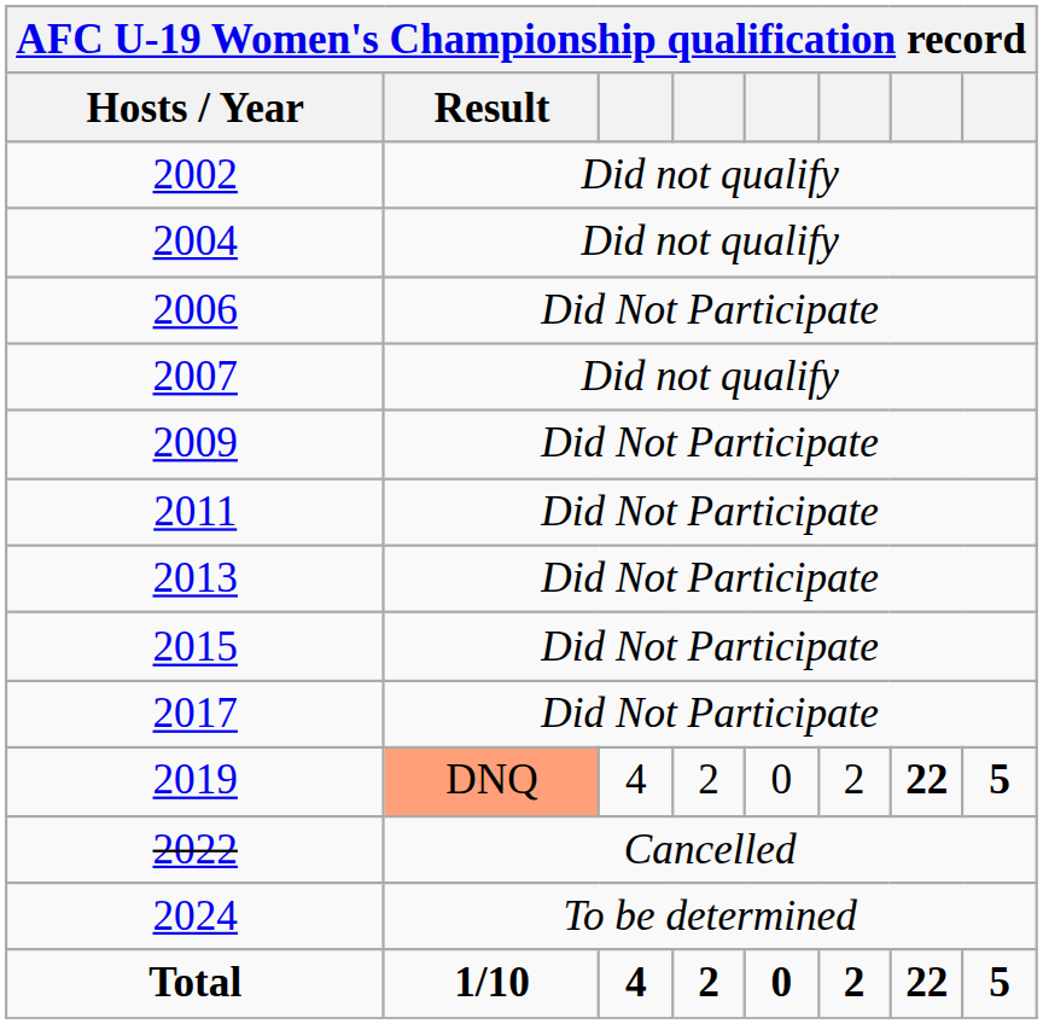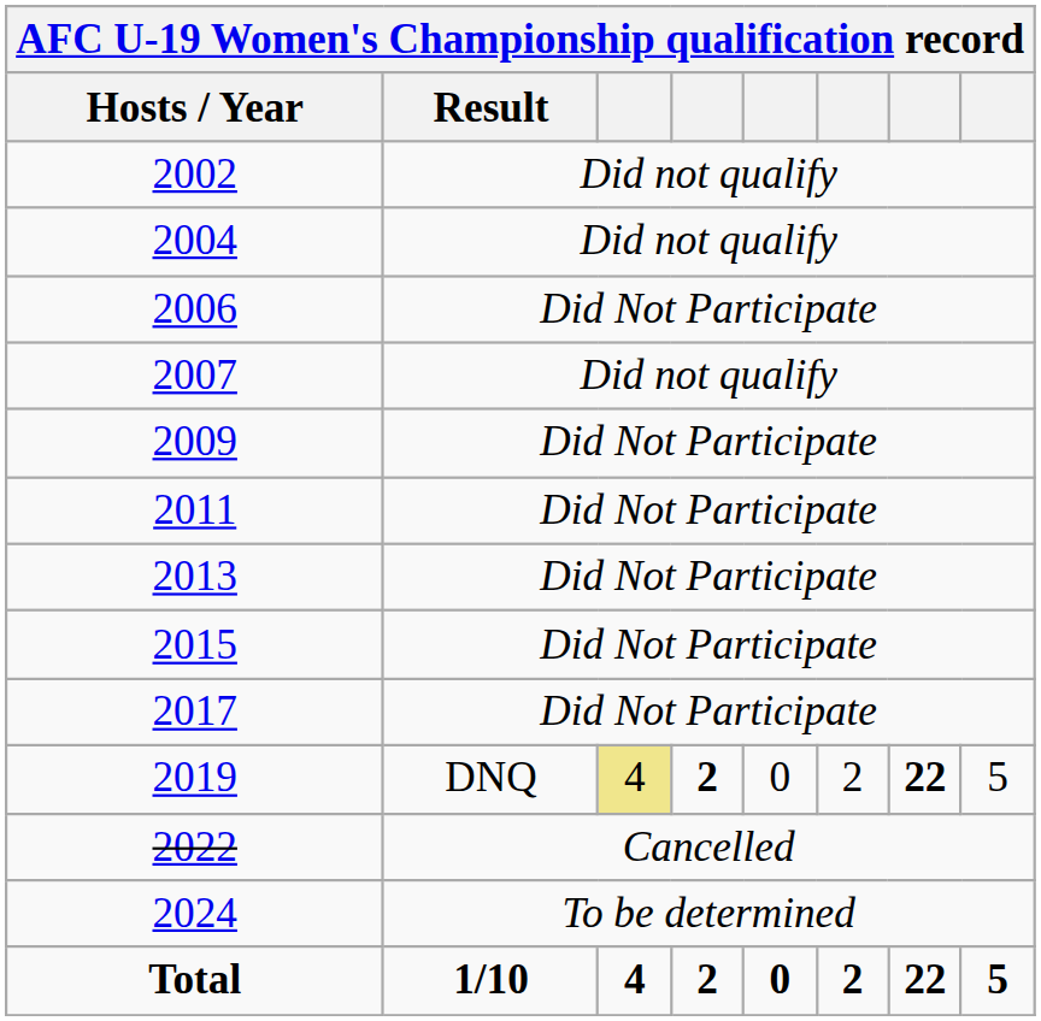 <table class="wikitable" style="text-align: center;">
 <tr>
 <th colspan=9><a href='#'>AFC U-19 Women's Championship qualification</a> record</th>
 </tr>
 <tr>
 <th>Hosts / Year</th>
 <th>Result</th>
 <th width=20></th>
 <th width=20></th>
 <th width=20></th>
 <th width=20></th>
 <th width=20></th>
 <th width=20></th>
 </tr>
 <tr>
 <td> <a href='#'>2002</a></td>
 <td colspan=10><em>Did not qualify </em></td>
 </tr>
 <tr>
 <td> <a href='#'>2004</a></td>
 <td colspan=10><em>Did not qualify</em></td>
 </tr>
 <tr>
 <td> <a href='#'>2006</a></td>
 <td colspan=10><em>Did Not Participate</em></td>
 </tr>
 <tr>
 <td> <a href='#'>2007</a></td>
 <td colspan=10><em>Did not qualify</em></td>
 </tr>
 <tr>
 <td> <a href='#'>2009</a></td>
 <td colspan=10><em>Did Not Participate</em></td>
 </tr>
 <tr>
 <td> <a href='#'>2011</a></td>
 <td colspan=10><em>Did Not Participate</em></td>
 </tr>
 <tr>
 <td> <a href='#'>2013</a></td>
 <td colspan=10><em>Did Not Participate</em></td>
 </tr>
 <tr>
 <td> <a href='#'>2015</a></td>
 <td colspan=10><em>Did Not Participate</em></td>
 </tr>
 <tr>
 <td> <a href='#'>2017</a></td>
 <td colspan=10><em>Did Not Participate</em></td>
 </tr>
 <tr>
 <td> <a href='#'>2019</a></td>
-<td style="background: lightsalmon;">DNQ</td>
-<td>4</td>
-<td>2</td>
+<td>DNQ</td>
+<td style="background: khaki;">4</td>
+<td><strong>2</strong></td>
 <td>0</td>
 <td>2</td>
 <td><strong>22</strong></td>
-<td><strong>5</strong></td>
+<td>5</td>
 </tr>
 <tr>
 <td><s> <a href='#'>2022</a></s></td>
 <td colspan=10><em>Cancelled</em></td>
 </tr>
 <tr>
 <td> <a href='#'>2024</a></td>
 <td colspan=10><em>To be determined</em></td>
 </tr>
 <tr>
 <td><strong>Total</strong></td>
 <td><strong>1/10</strong></td>
 <td><strong>4</strong></td>
 <td><strong>2</strong></td>
 <td><strong>0</strong></td>
 <td><strong>2</strong></td>
 <td><strong>22</strong></td>
 <td><strong>5</strong></td>
 </tr>
 </table>
